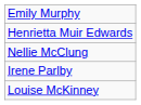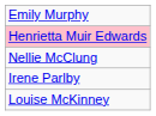 <table class="wikitable">
 <tr>
 <td><a href='#'>Emily Murphy</a></td>
 </tr>
 <tr>
-<td><a href='#'>Henrietta Muir Edwards</a></td>
+<td style="background: pink;"><a href='#'>Henrietta Muir Edwards</a></td>
 </tr>
 <tr>
 <td><a href='#'>Nellie McClung</a></td>
 </tr>
 <tr>
 <td><a href='#'>Irene Parlby</a></td>
 </tr>
 <tr>
 <td><a href='#'>Louise McKinney</a></td>
 </tr>
 </table>
